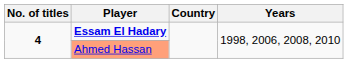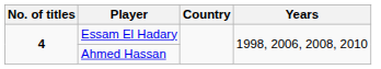 <table class=wikitable>
 <tr>
 <th>No. of titles</th>
 <th>Player</th>
 <th>Country</th>
 <th>Years</th>
 </tr>
 <tr>
 <td rowspan=2 style=text-align:center><strong>4</strong></td>
-<td><strong><a href='#'>Essam El Hadary</a></strong></td>
+<td><a href='#'>Essam El Hadary</a></td>
 <td rowspan=2></td>
 <td rowspan=2>1998, 2006, 2008, 2010</td>
 </tr>
 <tr>
-<td style="background: lightsalmon;"><a href='#'>Ahmed Hassan</a></td>
+<td><a href='#'>Ahmed Hassan</a></td>
 </tr>
 </table>
